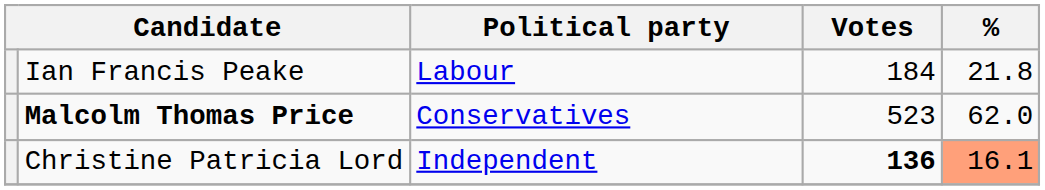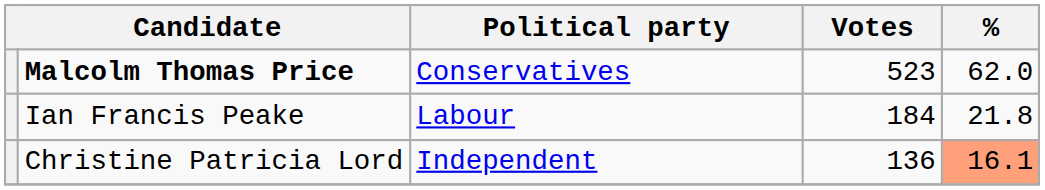 <table class="wikitable">
 <tr>
 <th valign=top colspan="2" style="width: 180px">Candidate</th>
 <th valign=top style="width: 180px">Political party</th>
 <th valign=top style="width: 60px">Votes</th>
 <th valign=top style="width: 40px">%</th>
+</tr>
+<tr>
+<th style="background-color: "></th>
+<td><strong>Malcolm Thomas Price</strong></td>
+<td><a href='#'>Conservatives</a></td>
+<td align="right">523</td>
+<td align="right">62.0</td>
 </tr>
 <tr>
 <th style="background-color: "></th>
 <td>Ian Francis Peake</td>
 <td><a href='#'>Labour</a></td>
 <td align="right">184</td>
 <td align="right">21.8</td>
 </tr>
 <tr>
 <th style="background-color: "></th>
-<td><strong>Malcolm Thomas Price</strong></td>
-<td><a href='#'>Conservatives</a></td>
-<td align="right">523</td>
-<td align="right">62.0</td>
-</tr>
-<tr>
-<th style="background-color: "></th>
 <td>Christine Patricia Lord</td>
 <td><a href='#'>Independent</a></td>
-<td align="right"><strong>136</strong></td>
+<td align="right">136</td>
 <td align="right" style="background: lightsalmon;">16.1</td>
 </tr>
 <tr>
 </tr>
 </table>
